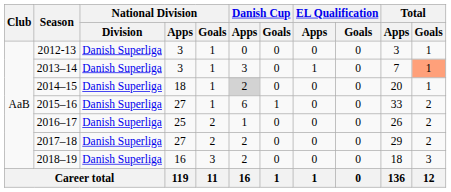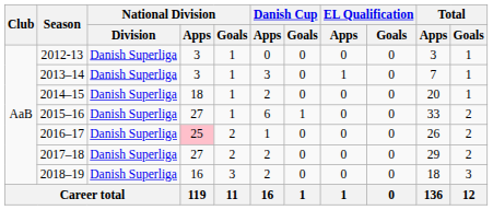 <table class="wikitable" style="text-align: center;">
 <tr>
 <th rowspan="2">Club</th>
 <th rowspan="2">Season</th>
 <th colspan="3">National Division</th>
 <th colspan="2"><a href='#'>Danish Cup</a></th>
 <th colspan="2"><a href='#'>EL Qualification</a></th>
 <th colspan="2">Total</th>
 </tr>
 <tr>
 <th>Division</th>
 <th>Apps</th>
 <th>Goals</th>
 <th>Apps</th>
 <th>Goals</th>
 <th>Apps</th>
 <th>Goals</th>
 <th>Apps</th>
 <th>Goals</th>
 </tr>
 <tr>
 <td rowspan="7" valign="center">AaB</td>
 <td>2012-13</td>
 <td><a href='#'>Danish Superliga</a></td>
 <td>3</td>
 <td>1</td>
 <td>0</td>
 <td>0</td>
 <td>0</td>
 <td>0</td>
 <td>3</td>
 <td>1</td>
 </tr>
 <tr>
 <td>2013–14</td>
 <td><a href='#'>Danish Superliga</a></td>
 <td>3</td>
 <td>1</td>
 <td>3</td>
 <td>0</td>
 <td>1</td>
 <td>0</td>
 <td>7</td>
-<td style="background: lightsalmon;">1</td>
+<td>1</td>
 </tr>
 <tr>
 <td>2014–15</td>
 <td><a href='#'>Danish Superliga</a></td>
 <td>18</td>
 <td>1</td>
-<td style="background: lightgrey;">2</td>
+<td>2</td>
 <td>0</td>
 <td>0</td>
 <td>0</td>
 <td>20</td>
 <td>1</td>
 </tr>
 <tr>
 <td>2015–16</td>
 <td><a href='#'>Danish Superliga</a></td>
 <td>27</td>
 <td>1</td>
 <td>6</td>
 <td>1</td>
 <td>0</td>
 <td>0</td>
 <td>33</td>
 <td>2</td>
 </tr>
 <tr>
 <td>2016–17</td>
 <td><a href='#'>Danish Superliga</a></td>
-<td>25</td>
+<td style="background: pink;">25</td>
 <td>2</td>
 <td>1</td>
 <td>0</td>
 <td>0</td>
 <td>0</td>
 <td>26</td>
 <td>2</td>
 </tr>
 <tr>
 <td>2017–18</td>
 <td><a href='#'>Danish Superliga</a></td>
 <td>27</td>
 <td>2</td>
 <td>2</td>
 <td>0</td>
 <td>0</td>
 <td>0</td>
 <td>29</td>
 <td>2</td>
 </tr>
 <tr>
 <td>2018–19</td>
 <td><a href='#'>Danish Superliga</a></td>
 <td>16</td>
 <td>3</td>
 <td>2</td>
 <td>0</td>
 <td>0</td>
 <td>0</td>
 <td>18</td>
 <td>3</td>
 </tr>
 <tr>
 <th colspan="3">Career total</th>
 <th>119</th>
 <th>11</th>
 <th>16</th>
 <th>1</th>
 <th>1</th>
 <th>0</th>
 <th>136</th>
 <th>12</th>
 </tr>
 </table>
